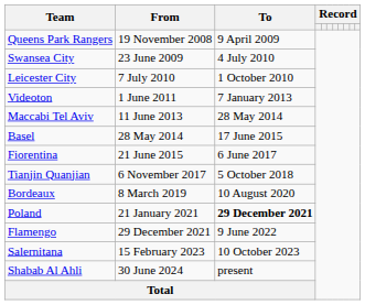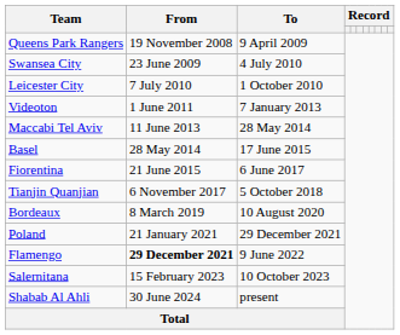 <table class=wikitable style="text-align: center">
 <tr>
 <th rowspan=2>Team</th>
 <th rowspan=2>From</th>
 <th rowspan=2>To</th>
 <th colspan=8>Record</th>
 </tr>
 <tr>
 <th></th>
 <th></th>
 <th></th>
 <th></th>
 <th></th>
 <th></th>
 <th></th>
 <th></th>
 </tr>
 <tr>
 <td align=left><a href='#'>Queens Park Rangers</a></td>
 <td align=left>19 November 2008</td>
 <td align=left>9 April 2009<br></td>
 </tr>
 <tr>
 <td align=left><a href='#'>Swansea City</a></td>
 <td align=left>23 June 2009</td>
 <td align=left>4 July 2010<br></td>
 </tr>
 <tr>
 <td align=left><a href='#'>Leicester City</a></td>
 <td align=left>7 July 2010</td>
 <td align=left>1 October 2010<br></td>
 </tr>
 <tr>
 <td align=left><a href='#'>Videoton</a></td>
 <td align=left>1 June 2011</td>
 <td align=left>7 January 2013<br></td>
 </tr>
 <tr>
 <td align=left><a href='#'>Maccabi Tel Aviv</a></td>
 <td align=left>11 June 2013</td>
 <td align=left>28 May 2014<br></td>
 </tr>
 <tr>
 <td align=left><a href='#'>Basel</a></td>
 <td align=left>28 May 2014</td>
 <td align=left>17 June 2015<br></td>
 </tr>
 <tr>
 <td align=left><a href='#'>Fiorentina</a></td>
 <td align=left>21 June 2015</td>
 <td align=left>6 June 2017<br></td>
 </tr>
 <tr>
 <td align=left><a href='#'>Tianjin Quanjian</a></td>
 <td align=left>6 November 2017</td>
 <td align=left>5 October 2018<br></td>
 </tr>
 <tr>
 <td align=left><a href='#'>Bordeaux</a></td>
 <td align=left>8 March 2019</td>
 <td align=left>10 August 2020<br></td>
 </tr>
 <tr>
 <td align=left><a href='#'>Poland</a></td>
 <td align=left>21 January 2021</td>
-<td align=left><strong>29 December 2021<br></strong></td>
+<td align=left>29 December 2021<br></td>
 </tr>
 <tr>
 <td align=left><a href='#'>Flamengo</a></td>
-<td align=left>29 December 2021</td>
+<td align=left><strong>29 December 2021</strong></td>
 <td align=left>9 June 2022<br></td>
 </tr>
 <tr>
 <td align=left><a href='#'>Salernitana</a></td>
 <td align=left>15 February 2023</td>
 <td align=left>10 October 2023<br></td>
 </tr>
 <tr>
 <td align=left><a href='#'>Shabab Al Ahli</a></td>
 <td align=left>30 June 2024</td>
 <td align=left>present<br></td>
 </tr>
 <tr>
 <th colspan=3>Total<br></th>
 </tr>
 </table>
